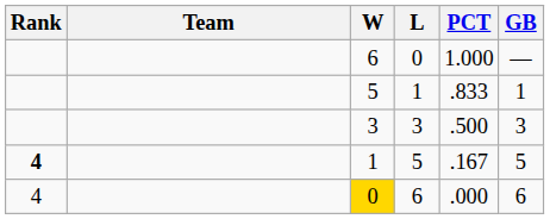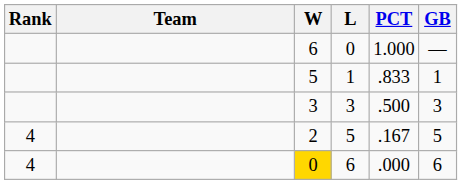 <table class="wikitable" style="text-align:center">
 <tr>
 <th>Rank</th>
 <th width=200px>Team</th>
 <th width=25px>W</th>
 <th width=25px>L</th>
 <th width=35px><a href='#'>PCT</a></th>
 <th width=25px><a href='#'>GB</a></th>
 </tr>
 <tr style="text-align:center;">
 <td></td>
 <td style="text-align:left;"></td>
 <td>6</td>
 <td>0</td>
 <td>1.000</td>
 <td>—</td>
 </tr>
 <tr style="text-align:center;">
 <td></td>
 <td style="text-align:left;"></td>
 <td>5</td>
 <td>1</td>
 <td>.833</td>
 <td>1</td>
 </tr>
 <tr style="text-align:center;">
 <td></td>
 <td style="text-align:left;"></td>
 <td>3</td>
 <td>3</td>
 <td>.500</td>
 <td>3</td>
 </tr>
 <tr style="text-align:center;">
-<td><strong>4</strong></td>
+<td>4</td>
 <td style="text-align:left;"></td>
-<td>1</td>
+<td>2</td>
 <td>5</td>
 <td>.167</td>
 <td>5</td>
 </tr>
 <tr style="text-align:center;">
 <td>4</td>
 <td style="text-align:left;"></td>
 <td style="background: gold;">0</td>
 <td>6</td>
 <td>.000</td>
 <td>6</td>
 </tr>
 </table>
